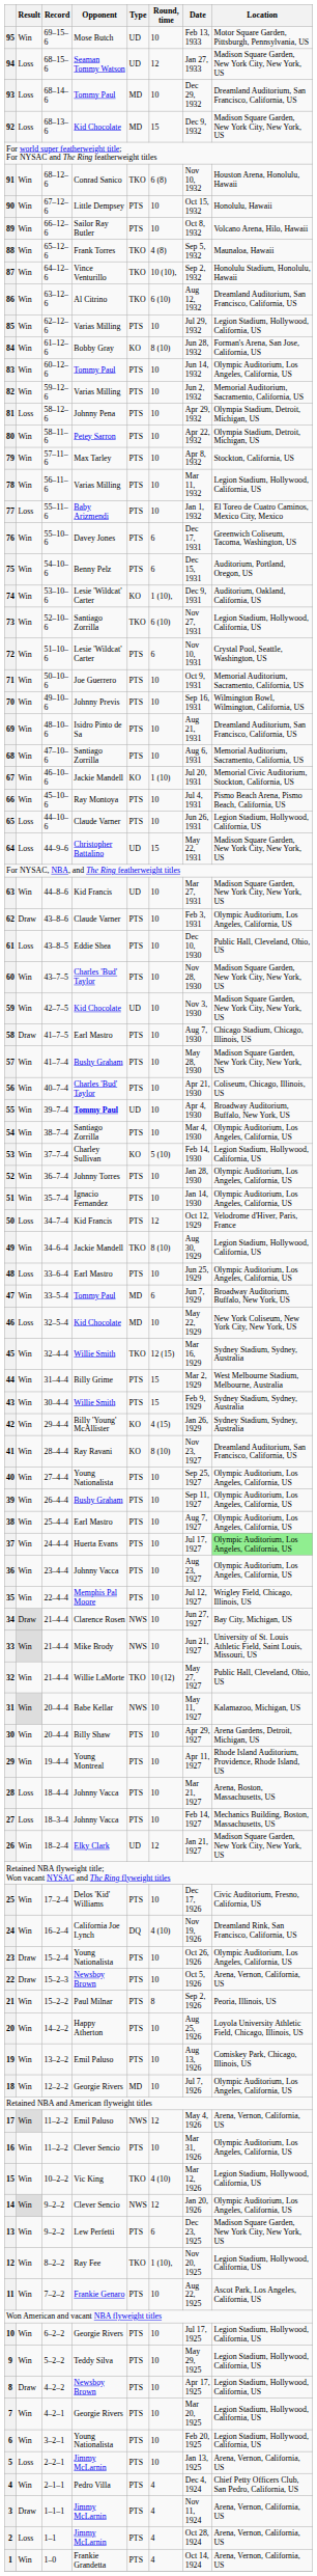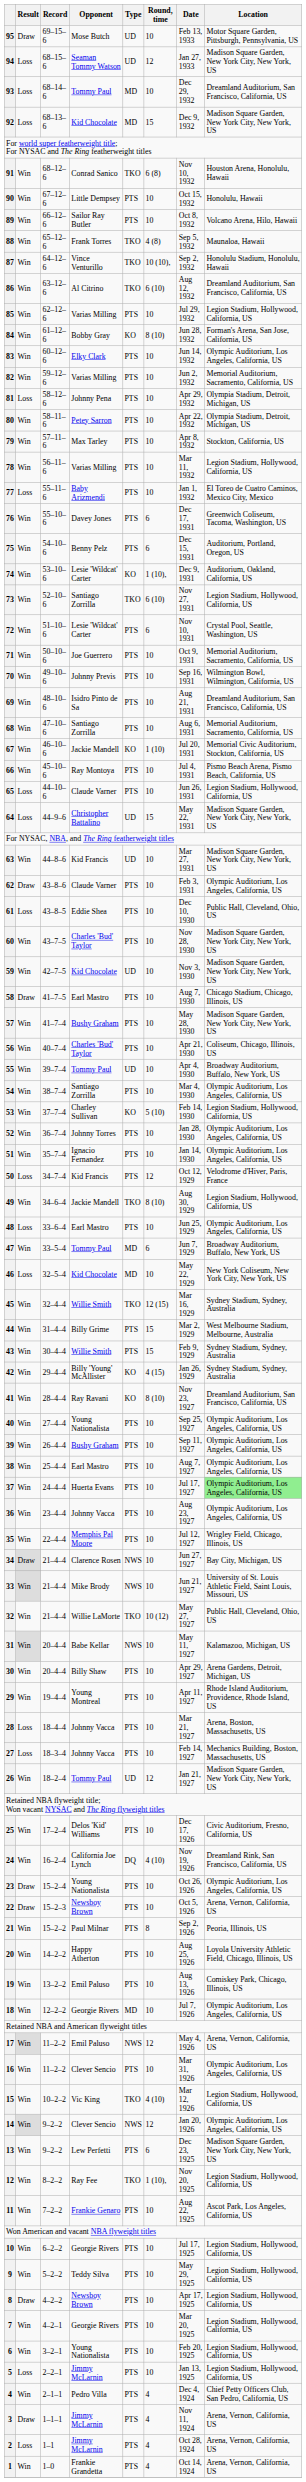 <table class="wikitable sortable mw-collapsible sticky-table-row1 sticky-table-col1 defaultcenter col4left col8left">
 <tr>
 <th scope="col"></th>
 <th scope="col">Result</th>
 <th scope="col">Record</th>
 <th scope="col">Opponent</th>
 <th scope="col">Type</th>
 <th scope="col">Round, time</th>
 <th scope="col">Date</th>
 <th scope="col" class="unsortable">Location</th>
 </tr>
 <tr>
 <th scope="row">95</th>
-<td>Win</td>
+<td>Draw</td>
 <td>69–15–6 </td>
 <td>Mose Butch</td>
 <td>UD</td>
 <td>10</td>
 <td>Feb 13, 1933</td>
 <td>Motor Square Garden, Pittsburgh, Pennsylvania, US</td>
 </tr>
 <tr>
 <th scope="row">94</th>
 <td>Loss</td>
 <td>68–15–6 </td>
 <td><a href='#'>Seaman Tommy Watson</a></td>
 <td>UD</td>
 <td>12</td>
 <td>Jan 27, 1933</td>
 <td>Madison Square Garden, New York City, New York, US</td>
 </tr>
 <tr>
 <th scope="row">93</th>
 <td>Loss</td>
 <td>68–14–6 </td>
 <td><a href='#'>Tommy Paul</a></td>
 <td>MD</td>
 <td>10</td>
 <td>Dec 29, 1932</td>
 <td>Dreamland Auditorium, San Francisco, California, US</td>
 </tr>
 <tr>
 <th scope="row">92</th>
 <td>Loss</td>
 <td>68–13–6 </td>
 <td><a href='#'>Kid Chocolate</a></td>
 <td>MD</td>
 <td>15</td>
 <td>Dec 9, 1932</td>
 <td>Madison Square Garden, New York City, New York, US</td>
 </tr>
 <tr class="expand-child">
 <td style="text-align:left;" colspan="8">For <a href='#'>world super featherweight title</a>;<br>For NYSAC and <em>The Ring</em> featherweight titles</td>
 </tr>
 <tr>
 <th scope="row">91</th>
 <td>Win</td>
 <td>68–12–6 </td>
 <td>Conrad Sanico</td>
 <td>TKO</td>
 <td>6 (8)</td>
 <td>Nov 10, 1932</td>
 <td>Houston Arena, Honolulu, Hawaii</td>
 </tr>
 <tr>
 <th scope="row">90</th>
 <td>Win</td>
 <td>67–12–6 </td>
 <td>Little Dempsey</td>
 <td>PTS</td>
 <td>10</td>
 <td>Oct 15, 1932</td>
 <td>Honolulu, Hawaii</td>
 </tr>
 <tr>
 <th scope="row">89</th>
 <td>Win</td>
 <td>66–12–6 </td>
 <td>Sailor Ray Butler</td>
 <td>PTS</td>
 <td>10</td>
 <td>Oct 8, 1932</td>
 <td>Volcano Arena, Hilo, Hawaii</td>
 </tr>
 <tr>
 <th scope="row">88</th>
 <td>Win</td>
 <td>65–12–6 </td>
 <td>Frank Torres</td>
 <td>TKO</td>
 <td>4 (8)</td>
 <td>Sep 5, 1932</td>
 <td>Maunaloa, Hawaii</td>
 </tr>
 <tr>
 <th scope="row">87</th>
 <td>Win</td>
 <td>64–12–6 </td>
 <td>Vince Venturillo</td>
 <td>TKO</td>
 <td>10 (10), </td>
 <td>Sep 2, 1932</td>
 <td>Honolulu Stadium, Honolulu, Hawaii</td>
 </tr>
 <tr>
 <th scope="row">86</th>
 <td>Win</td>
 <td>63–12–6 </td>
 <td>Al Citrino</td>
 <td>TKO</td>
 <td>6 (10)</td>
 <td>Aug 12, 1932</td>
 <td>Dreamland Auditorium, San Francisco, California, US</td>
 </tr>
 <tr>
 <th scope="row">85</th>
 <td>Win</td>
 <td>62–12–6 </td>
 <td>Varias Milling</td>
 <td>PTS</td>
 <td>10</td>
 <td>Jul 29, 1932</td>
 <td>Legion Stadium, Hollywood, California, US</td>
 </tr>
 <tr>
 <th scope="row">84</th>
 <td>Win</td>
 <td>61–12–6 </td>
 <td>Bobby Gray</td>
 <td>KO</td>
 <td>8 (10)</td>
 <td>Jun 28, 1932</td>
 <td>Forman's Arena, San Jose, California, US</td>
 </tr>
 <tr>
 <th scope="row">83</th>
 <td>Win</td>
 <td>60–12–6 </td>
-<td><a href='#'>Tommy Paul</a></td>
+<td><a href='#'>Elky Clark</a></td>
 <td>PTS</td>
 <td>10</td>
 <td>Jun 14, 1932</td>
 <td>Olympic Auditorium, Los Angeles, California, US</td>
 </tr>
 <tr>
 <th scope="row">82</th>
 <td>Win</td>
 <td>59–12–6 </td>
 <td>Varias Milling</td>
 <td>PTS</td>
 <td>10</td>
 <td>Jun 2, 1932</td>
 <td>Memorial Auditorium, Sacramento, California, US</td>
 </tr>
 <tr>
 <th scope="row">81</th>
 <td>Loss</td>
 <td>58–12–6 </td>
 <td>Johnny Pena</td>
 <td>PTS</td>
 <td>10</td>
 <td>Apr 29, 1932</td>
 <td>Olympia Stadium, Detroit, Michigan, US</td>
 </tr>
 <tr>
 <th scope="row">80</th>
 <td>Win</td>
 <td>58–11–6 </td>
 <td><a href='#'>Petey Sarron</a></td>
 <td>PTS</td>
 <td>10</td>
 <td>Apr 22, 1932</td>
 <td>Olympia Stadium, Detroit, Michigan, US</td>
 </tr>
 <tr>
 <th scope="row">79</th>
 <td>Win</td>
 <td>57–11–6 </td>
 <td>Max Tarley</td>
 <td>PTS</td>
 <td>10</td>
 <td>Apr 8, 1932</td>
 <td>Stockton, California, US</td>
 </tr>
 <tr>
 <th scope="row">78</th>
 <td>Win</td>
 <td>56–11–6 </td>
 <td>Varias Milling</td>
 <td>PTS</td>
 <td>10</td>
 <td>Mar 11, 1932</td>
 <td>Legion Stadium, Hollywood, California, US</td>
 </tr>
 <tr>
 <th scope="row">77</th>
 <td>Loss</td>
 <td>55–11–6 </td>
 <td><a href='#'>Baby Arizmendi</a></td>
 <td>PTS</td>
 <td>10</td>
 <td>Jan 1, 1932</td>
 <td>El Toreo de Cuatro Caminos, Mexico City, Mexico</td>
 </tr>
 <tr>
 <th scope="row">76</th>
 <td>Win</td>
 <td>55–10–6 </td>
 <td>Davey Jones</td>
 <td>PTS</td>
 <td>6</td>
 <td>Dec 17, 1931</td>
 <td>Greenwich Coliseum, Tacoma, Washington, US</td>
 </tr>
 <tr>
 <th scope="row">75</th>
 <td>Win</td>
 <td>54–10–6 </td>
 <td>Benny Pelz</td>
 <td>PTS</td>
 <td>6</td>
 <td>Dec 15, 1931</td>
 <td>Auditorium, Portland, Oregon, US</td>
 </tr>
 <tr>
 <th scope="row">74</th>
 <td>Win</td>
 <td>53–10–6 </td>
 <td>Lesie 'Wildcat' Carter</td>
 <td>KO</td>
 <td>1 (10), </td>
 <td>Dec 9, 1931</td>
 <td>Auditorium, Oakland, California, US</td>
 </tr>
 <tr>
 <th scope="row">73</th>
 <td>Win</td>
 <td>52–10–6 </td>
 <td>Santiago Zorrilla</td>
 <td>TKO</td>
 <td>6 (10)</td>
 <td>Nov 27, 1931</td>
 <td>Legion Stadium, Hollywood, California, US</td>
 </tr>
 <tr>
 <th scope="row">72</th>
 <td>Win</td>
 <td>51–10–6 </td>
 <td>Lesie 'Wildcat' Carter</td>
 <td>PTS</td>
 <td>6</td>
 <td>Nov 10, 1931</td>
 <td>Crystal Pool, Seattle, Washington, US</td>
 </tr>
 <tr>
 <th scope="row">71</th>
 <td>Win</td>
 <td>50–10–6 </td>
 <td align=left>Joe Guerrero</td>
 <td>PTS</td>
 <td>10</td>
 <td>Oct 9, 1931</td>
 <td>Memorial Auditorium, Sacramento, California, US</td>
 </tr>
 <tr>
 <th scope="row">70</th>
 <td>Win</td>
 <td>49–10–6 </td>
 <td>Johnny Previs</td>
 <td>PTS</td>
 <td>10</td>
 <td>Sep 16, 1931</td>
 <td>Wilmington Bowl, Wilmington, California, US</td>
 </tr>
 <tr>
 <th scope="row">69</th>
 <td>Win</td>
 <td>48–10–6 </td>
 <td>Isidro Pinto de Sa</td>
 <td>PTS</td>
 <td>10</td>
 <td>Aug 21, 1931</td>
 <td>Dreamland Auditorium, San Francisco, California, US</td>
 </tr>
 <tr>
 <th scope="row">68</th>
 <td>Win</td>
 <td>47–10–6 </td>
 <td>Santiago Zorrilla</td>
 <td>PTS</td>
 <td>10</td>
 <td>Aug 6, 1931</td>
 <td>Memorial Auditorium, Sacramento, California, US</td>
 </tr>
 <tr>
 <th scope="row">67</th>
 <td>Win</td>
 <td>46–10–6 </td>
 <td>Jackie Mandell</td>
 <td>KO</td>
 <td>1 (10)</td>
 <td>Jul 20, 1931</td>
 <td>Memorial Civic Auditorium, Stockton, California, US</td>
 </tr>
 <tr>
 <th scope="row">66</th>
 <td>Win</td>
 <td>45–10–6 </td>
 <td>Ray Montoya</td>
 <td>PTS</td>
 <td>10</td>
 <td>Jul 4, 1931</td>
 <td>Pismo Beach Arena, Pismo Beach, California, US</td>
 </tr>
 <tr>
 <th scope="row">65</th>
 <td>Loss</td>
 <td>44–10–6 </td>
 <td>Claude Varner</td>
 <td>PTS</td>
 <td>10</td>
 <td>Jun 26, 1931</td>
 <td>Legion Stadium, Hollywood, California, US</td>
 </tr>
 <tr>
 <th scope="row">64</th>
 <td>Loss</td>
 <td>44–9–6 </td>
 <td><a href='#'>Christopher Battalino</a></td>
 <td>UD</td>
 <td>15</td>
 <td>May 22, 1931</td>
 <td>Madison Square Garden, New York City, New York, US</td>
 </tr>
 <tr class="expand-child">
 <td style="text-align:left;" colspan="8">For NYSAC, <a href='#'>NBA</a>, and <a href='#'><em>The Ring</em> featherweight titles</a></td>
 </tr>
 <tr>
 <th scope="row">63</th>
 <td>Win</td>
 <td>44–8–6 </td>
 <td>Kid Francis</td>
 <td>UD</td>
 <td>10</td>
 <td>Mar 27, 1931</td>
 <td>Madison Square Garden, New York City, New York, US</td>
 </tr>
 <tr>
 <th scope="row">62</th>
 <td>Draw</td>
 <td>43–8–6 </td>
 <td>Claude Varner</td>
 <td>PTS</td>
 <td>10</td>
 <td>Feb 3, 1931</td>
 <td>Olympic Auditorium, Los Angeles, California, US</td>
 </tr>
 <tr>
 <th scope="row">61</th>
 <td>Loss</td>
 <td>43–8–5 </td>
 <td>Eddie Shea</td>
 <td>PTS</td>
 <td>10</td>
 <td>Dec 10, 1930</td>
 <td>Public Hall, Cleveland, Ohio, US</td>
 </tr>
 <tr>
 <th scope="row">60</th>
 <td>Win</td>
 <td>43–7–5 </td>
 <td><a href='#'>Charles 'Bud' Taylor</a></td>
 <td>PTS</td>
 <td>10</td>
 <td>Nov 28, 1930</td>
 <td>Madison Square Garden, New York City, New York, US</td>
 </tr>
 <tr>
 <th scope="row">59</th>
 <td>Win</td>
 <td>42–7–5 </td>
 <td><a href='#'>Kid Chocolate</a></td>
 <td>UD</td>
 <td>10</td>
 <td>Nov 3, 1930</td>
 <td>Madison Square Garden, New York City, New York, US</td>
 </tr>
 <tr>
 <th scope="row">58</th>
 <td>Draw</td>
 <td>41–7–5 </td>
 <td>Earl Mastro</td>
 <td>PTS</td>
 <td>10</td>
 <td>Aug 7, 1930</td>
 <td>Chicago Stadium, Chicago, Illinois, US</td>
 </tr>
 <tr>
 <th scope="row">57</th>
 <td>Win</td>
 <td>41–7–4 </td>
 <td><a href='#'>Bushy Graham</a></td>
 <td>PTS</td>
 <td>10</td>
 <td>May 28, 1930</td>
 <td>Madison Square Garden, New York City, New York, US</td>
 </tr>
 <tr>
 <th scope="row">56</th>
 <td>Win</td>
 <td>40–7–4 </td>
 <td><a href='#'>Charles 'Bud' Taylor</a></td>
 <td>PTS</td>
 <td>10</td>
 <td>Apr 21, 1930</td>
 <td>Coliseum, Chicago, Illinois, US</td>
 </tr>
 <tr>
 <th scope="row">55</th>
 <td>Win</td>
 <td>39–7–4 </td>
-<td><strong><a href='#'>Tommy Paul</a></strong></td>
+<td><a href='#'>Tommy Paul</a></td>
 <td>UD</td>
 <td>10</td>
 <td>Apr 4, 1930</td>
 <td>Broadway Auditorium, Buffalo, New York, US</td>
 </tr>
 <tr>
 <th scope="row">54</th>
 <td>Win</td>
 <td>38–7–4 </td>
 <td>Santiago Zorrilla</td>
 <td>PTS</td>
 <td>10</td>
 <td>Mar 4, 1930</td>
 <td>Olympic Auditorium, Los Angeles, California, US</td>
 </tr>
 <tr>
 <th scope="row">53</th>
 <td>Win</td>
 <td>37–7–4 </td>
 <td>Charley Sullivan</td>
 <td>KO</td>
 <td>5 (10)</td>
 <td>Feb 14, 1930</td>
 <td>Legion Stadium, Hollywood, California, US</td>
 </tr>
 <tr>
 <th scope="row">52</th>
 <td>Win</td>
 <td>36–7–4 </td>
 <td>Johnny Torres</td>
 <td>PTS</td>
 <td>10</td>
 <td>Jan 28, 1930</td>
 <td>Olympic Auditorium, Los Angeles, California, US</td>
 </tr>
 <tr>
 <th scope="row">51</th>
 <td>Win</td>
 <td>35–7–4 </td>
 <td>Ignacio Fernandez</td>
 <td>PTS</td>
 <td>10</td>
 <td>Jan 14, 1930</td>
 <td>Olympic Auditorium, Los Angeles, California, US</td>
 </tr>
 <tr>
 <th scope="row">50</th>
 <td>Loss</td>
 <td>34–7–4 </td>
 <td>Kid Francis</td>
 <td>PTS</td>
 <td>12</td>
 <td>Oct 12, 1929</td>
 <td>Velodrome d'Hiver, Paris, France</td>
 </tr>
 <tr>
 <th scope="row">49</th>
 <td>Win</td>
 <td>34–6–4 </td>
 <td>Jackie Mandell</td>
 <td>TKO</td>
 <td>8 (10)</td>
 <td>Aug 30, 1929</td>
 <td>Legion Stadium, Hollywood, California, US</td>
 </tr>
 <tr>
 <th scope="row">48</th>
 <td>Loss</td>
 <td>33–6–4 </td>
 <td>Earl Mastro</td>
 <td>PTS</td>
 <td>10</td>
 <td>Jun 25, 1929</td>
 <td>Olympic Auditorium, Los Angeles, California, US</td>
 </tr>
 <tr>
 <th scope="row">47</th>
 <td>Win</td>
 <td>33–5–4 </td>
 <td><a href='#'>Tommy Paul</a></td>
 <td>MD</td>
 <td>6</td>
 <td>Jun 7, 1929</td>
 <td>Broadway Auditorium, Buffalo, New York, US</td>
 </tr>
 <tr>
 <th scope="row">46</th>
 <td>Loss</td>
 <td>32–5–4 </td>
 <td><a href='#'>Kid Chocolate</a></td>
 <td>MD</td>
 <td>10</td>
 <td>May 22, 1929</td>
 <td>New York Coliseum, New York City, New York, US</td>
 </tr>
 <tr>
 <th scope="row">45</th>
 <td>Win</td>
 <td>32–4–4 </td>
 <td><a href='#'>Willie Smith</a></td>
 <td>TKO</td>
 <td>12 (15)</td>
 <td>Mar 16, 1929</td>
 <td>Sydney Stadium, Sydney, Australia</td>
 </tr>
 <tr>
 <th scope="row">44</th>
 <td>Win</td>
 <td>31–4–4 </td>
 <td>Billy Grime</td>
 <td>PTS</td>
 <td>15</td>
 <td>Mar 2, 1929</td>
 <td>West Melbourne Stadium, Melbourne, Australia</td>
 </tr>
 <tr>
 <th scope="row">43</th>
 <td>Win</td>
 <td>30–4–4 </td>
 <td><a href='#'>Willie Smith</a></td>
 <td>PTS</td>
 <td>15</td>
 <td>Feb 9, 1929</td>
 <td>Sydney Stadium, Sydney, Australia</td>
 </tr>
 <tr>
 <th scope="row">42</th>
 <td>Win</td>
 <td>29–4–4 </td>
 <td>Billy 'Young' McAllister</td>
 <td>KO</td>
 <td>4 (15)</td>
 <td>Jan 26, 1929</td>
 <td>Sydney Stadium, Sydney, Australia</td>
 </tr>
 <tr>
 <th scope="row">41</th>
 <td>Win</td>
 <td>28–4–4 </td>
 <td>Ray Ravani</td>
 <td>KO</td>
 <td>8 (10)</td>
 <td>Nov 23, 1927</td>
 <td>Dreamland Auditorium, San Francisco, California, US</td>
 </tr>
 <tr>
 <th scope="row">40</th>
 <td>Win</td>
 <td>27–4–4 </td>
 <td>Young Nationalista</td>
 <td>PTS</td>
 <td>10</td>
 <td>Sep 25, 1927</td>
 <td>Olympic Auditorium, Los Angeles, California, US</td>
 </tr>
 <tr>
 <th scope="row">39</th>
 <td>Win</td>
 <td>26–4–4 </td>
 <td><a href='#'>Bushy Graham</a></td>
 <td>PTS</td>
 <td>10</td>
 <td>Sep 11, 1927</td>
 <td>Olympic Auditorium, Los Angeles, California, US</td>
 </tr>
 <tr>
 <th scope="row">38</th>
 <td>Win</td>
 <td>25–4–4 </td>
 <td>Earl Mastro</td>
 <td>PTS</td>
 <td>10</td>
 <td>Aug 7, 1927</td>
 <td>Olympic Auditorium, Los Angeles, California, US</td>
 </tr>
 <tr>
 <th scope="row">37</th>
 <td>Win</td>
 <td>24–4–4 </td>
 <td>Huerta Evans</td>
 <td>PTS</td>
 <td>10</td>
 <td>Jul 17, 1927</td>
 <td style="background: lightgreen;">Olympic Auditorium, Los Angeles, California, US</td>
 </tr>
 <tr>
 <th scope="row">36</th>
 <td>Win</td>
 <td>23–4–4 </td>
 <td>Johnny Vacca</td>
 <td>PTS</td>
 <td>10</td>
 <td>Aug 23, 1927</td>
 <td>Olympic Auditorium, Los Angeles, California, US</td>
 </tr>
 <tr>
 <th scope="row">35</th>
 <td>Win</td>
 <td>22–4–4 </td>
 <td><a href='#'>Memphis Pal Moore</a></td>
 <td>PTS</td>
 <td>10</td>
 <td>Jul 12, 1927</td>
 <td>Wrigley Field, Chicago, Illinois, US</td>
 </tr>
 <tr>
 <th scope="row">34</th>
 <td style="background:#DDD">Draw</td>
 <td>21–4–4 </td>
 <td>Clarence Rosen</td>
 <td>NWS</td>
 <td>10</td>
 <td>Jun 27, 1927</td>
 <td>Bay City, Michigan, US</td>
 </tr>
 <tr>
 <th scope="row">33</th>
 <td style="background:#DDD">Win</td>
 <td>21–4–4 </td>
 <td>Mike Brody</td>
 <td>NWS</td>
 <td>10</td>
 <td>Jun 21, 1927</td>
 <td>University of St. Louis Athletic Field, Saint Louis, Missouri, US</td>
 </tr>
 <tr>
 <th scope="row">32</th>
 <td>Win</td>
 <td>21–4–4 </td>
 <td>Willie LaMorte</td>
 <td>TKO</td>
 <td>10 (12)</td>
 <td>May 27, 1927</td>
 <td>Public Hall, Cleveland, Ohio, US</td>
 </tr>
 <tr>
 <th scope="row">31</th>
 <td style="background:#DDD">Win</td>
 <td>20–4–4 </td>
 <td>Babe Kellar</td>
 <td>NWS</td>
 <td>10</td>
 <td>May 11, 1927</td>
 <td>Kalamazoo, Michigan, US</td>
 </tr>
 <tr>
 <th scope="row">30</th>
 <td>Win</td>
 <td>20–4–4 </td>
 <td>Billy Shaw</td>
 <td>PTS</td>
 <td>10</td>
 <td>Apr 29, 1927</td>
 <td>Arena Gardens, Detroit, Michigan, US</td>
 </tr>
 <tr>
 <th scope="row">29</th>
 <td>Win</td>
 <td>19–4–4 </td>
 <td>Young Montreal</td>
 <td>PTS</td>
 <td>10</td>
 <td>Apr 11, 1927</td>
 <td>Rhode Island Auditorium, Providence, Rhode Island, US</td>
 </tr>
 <tr>
 <th scope="row">28</th>
 <td>Loss</td>
 <td>18–4–4 </td>
 <td>Johnny Vacca</td>
 <td>PTS</td>
 <td>10</td>
 <td>Mar 21, 1927</td>
 <td>Arena, Boston, Massachusetts, US</td>
 </tr>
 <tr>
 <th scope="row">27</th>
 <td>Loss</td>
 <td>18–3–4 </td>
 <td>Johnny Vacca</td>
 <td>PTS</td>
 <td>10</td>
 <td>Feb 14, 1927</td>
 <td>Mechanics Building, Boston, Massachusetts, US</td>
 </tr>
 <tr>
 <th scope="row">26</th>
 <td>Win</td>
 <td>18–2–4 </td>
-<td><a href='#'>Elky Clark</a></td>
+<td><a href='#'>Tommy Paul</a></td>
 <td>UD</td>
 <td>12</td>
 <td>Jan 21, 1927</td>
 <td>Madison Square Garden, New York City, New York, US</td>
 </tr>
 <tr class="expand-child">
 <td style="text-align:left;" colspan="8">Retained NBA flyweight title;<br>Won vacant <a href='#'>NYSAC</a> and <a href='#'><em>The Ring</em> flyweight titles</a></td>
 </tr>
 <tr>
 <th scope="row">25</th>
 <td>Win</td>
 <td>17–2–4 </td>
 <td>Delos 'Kid' Williams</td>
 <td>PTS</td>
 <td>10</td>
 <td>Dec 17, 1926</td>
 <td>Civic Auditorium, Fresno, California, US</td>
 </tr>
 <tr>
 <th scope="row">24</th>
 <td>Win</td>
 <td>16–2–4 </td>
 <td>California Joe Lynch</td>
 <td>DQ</td>
 <td>4 (10)</td>
 <td>Nov 19, 1926</td>
 <td>Dreamland Rink, San Francisco, California, US</td>
 </tr>
 <tr>
 <th scope="row">23</th>
 <td>Draw</td>
 <td>15–2–4 </td>
 <td>Young Nationalista</td>
 <td>PTS</td>
 <td>10</td>
 <td>Oct 26, 1926</td>
 <td>Olympic Auditorium, Los Angeles, California, US</td>
 </tr>
 <tr>
 <th scope="row">22</th>
 <td>Draw</td>
 <td>15–2–3 </td>
 <td><a href='#'>Newsboy Brown</a></td>
 <td>PTS</td>
 <td>10</td>
 <td>Oct 5, 1926</td>
 <td>Arena, Vernon, California, US</td>
 </tr>
 <tr>
 <th scope="row">21</th>
 <td>Win</td>
 <td>15–2–2 </td>
 <td>Paul Milnar</td>
 <td>PTS</td>
 <td>8</td>
 <td>Sep 2, 1926</td>
 <td>Peoria, Illinois, US</td>
 </tr>
 <tr>
 <th scope="row">20</th>
 <td>Win</td>
 <td>14–2–2 </td>
 <td>Happy Atherton</td>
 <td>PTS</td>
 <td>10</td>
 <td>Aug 25, 1926</td>
 <td>Loyola University Athletic Field, Chicago, Illinois, US</td>
 </tr>
 <tr>
 <th scope="row">19</th>
 <td>Win</td>
 <td>13–2–2 </td>
 <td>Emil Paluso</td>
 <td>PTS</td>
 <td>10</td>
 <td>Aug 13, 1926</td>
 <td>Comiskey Park, Chicago, Illinois, US</td>
 </tr>
 <tr>
 <th scope="row">18</th>
 <td>Win</td>
 <td>12–2–2 </td>
 <td>Georgie Rivers</td>
 <td>MD</td>
 <td>10</td>
 <td>Jul 7, 1926</td>
 <td>Olympic Auditorium, Los Angeles, California, US</td>
 </tr>
 <tr class="expand-child">
 <td style="text-align:left;" colspan="8">Retained NBA and American flyweight titles</td>
 </tr>
 <tr>
 <th scope="row">17</th>
 <td style="background:#DDD">Win</td>
 <td>11–2–2 </td>
 <td>Emil Paluso</td>
 <td>NWS</td>
 <td>12</td>
 <td>May 4, 1926</td>
 <td>Arena, Vernon, California, US</td>
 </tr>
 <tr>
 <th scope="row">16</th>
 <td>Win</td>
 <td>11–2–2 </td>
 <td align=left>Clever Sencio</td>
 <td>PTS</td>
 <td>10</td>
 <td>Mar 31, 1926</td>
 <td>Olympic Auditorium, Los Angeles, California, US</td>
 </tr>
 <tr>
 <th scope="row">15</th>
 <td>Win</td>
 <td>10–2–2 </td>
 <td>Vic King</td>
 <td>TKO</td>
 <td>4 (10)</td>
 <td>Mar 12, 1926</td>
 <td>Legion Stadium, Hollywood, California, US</td>
 </tr>
 <tr>
 <th scope="row">14</th>
 <td style="background:#DDD">Win</td>
 <td>9–2–2 </td>
 <td>Clever Sencio</td>
 <td>NWS</td>
 <td>12</td>
 <td>Jan 20, 1926</td>
 <td>Olympic Auditorium, Los Angeles, California, US</td>
 </tr>
 <tr>
 <th scope="row">13</th>
 <td>Win</td>
 <td>9–2–2</td>
 <td>Lew Perfetti</td>
 <td>PTS</td>
 <td>6</td>
 <td>Dec 23, 1925</td>
 <td>Madison Square Garden, New York City, New York, US</td>
 </tr>
 <tr>
 <th scope="row">12</th>
 <td>Win</td>
 <td>8–2–2</td>
 <td>Ray Fee</td>
 <td>TKO</td>
 <td>1 (10), </td>
 <td>Nov 20, 1925</td>
 <td>Legion Stadium, Hollywood, California, US</td>
 </tr>
 <tr>
 <th scope="row">11</th>
 <td>Win</td>
 <td>7–2–2</td>
 <td><a href='#'>Frankie Genaro</a></td>
 <td>PTS</td>
 <td>10</td>
 <td>Aug 22, 1925</td>
 <td>Ascot Park, Los Angeles, California, US</td>
 </tr>
 <tr class="expand-child">
 <td style="text-align:left;" colspan="8">Won American and vacant <a href='#'>NBA flyweight titles</a></td>
 </tr>
 <tr>
 <th scope="row">10</th>
 <td>Win</td>
 <td>6–2–2</td>
 <td>Georgie Rivers</td>
 <td>PTS</td>
 <td>10</td>
 <td>Jul 17, 1925</td>
 <td>Legion Stadium, Hollywood, California, US</td>
 </tr>
 <tr>
 <th scope="row">9</th>
 <td>Win</td>
 <td>5–2–2</td>
 <td>Teddy Silva</td>
 <td>PTS</td>
 <td>10</td>
 <td>May 29, 1925</td>
 <td>Legion Stadium, Hollywood, California, US</td>
 </tr>
 <tr>
 <th scope="row">8</th>
 <td>Draw</td>
 <td>4–2–2</td>
 <td><a href='#'>Newsboy Brown</a></td>
 <td>PTS</td>
 <td>10</td>
 <td>Apr 17, 1925</td>
 <td>Legion Stadium, Hollywood, California, US</td>
 </tr>
 <tr>
 <th scope="row">7</th>
 <td>Win</td>
 <td>4–2–1</td>
 <td>Georgie Rivers</td>
 <td>PTS</td>
 <td>10</td>
 <td>Mar 20, 1925</td>
 <td>Legion Stadium, Hollywood, California, US</td>
 </tr>
 <tr>
 <th scope="row">6</th>
 <td>Win</td>
 <td>3–2–1</td>
 <td>Young Nationalista</td>
 <td>PTS</td>
 <td>10</td>
 <td>Feb 20, 1925</td>
 <td>Legion Stadium, Hollywood, California, US</td>
 </tr>
 <tr>
 <th scope="row">5</th>
 <td>Loss</td>
 <td>2–2–1</td>
 <td><a href='#'>Jimmy McLarnin</a></td>
 <td>PTS</td>
 <td>10</td>
 <td>Jan 13, 1925</td>
-<td>Arena, Vernon, California, US</td>
+<td>Legion Stadium, Hollywood, California, US</td>
 </tr>
 <tr>
 <th scope="row">4</th>
 <td>Win</td>
 <td>2–1–1</td>
 <td>Pedro Villa</td>
 <td>PTS</td>
 <td>4</td>
 <td>Dec 4, 1924</td>
 <td>Chief Petty Officers Club, San Pedro, California, US</td>
 </tr>
 <tr>
 <th scope="row">3</th>
 <td>Draw</td>
 <td>1–1–1</td>
 <td><a href='#'>Jimmy McLarnin</a></td>
 <td>PTS</td>
 <td>4</td>
 <td>Nov 11, 1924</td>
 <td>Arena, Vernon, California, US</td>
 </tr>
 <tr>
 <th scope="row">2</th>
 <td>Loss</td>
 <td>1–1</td>
 <td><a href='#'>Jimmy McLarnin</a></td>
 <td>PTS</td>
 <td>4</td>
 <td>Oct 28, 1924</td>
 <td>Arena, Vernon, California, US</td>
 </tr>
 <tr>
 <th scope="row">1</th>
 <td>Win</td>
 <td>1–0</td>
 <td>Frankie Grandetta</td>
 <td>PTS</td>
 <td>4</td>
 <td>Oct 14, 1924</td>
 <td>Arena, Vernon, California, US</td>
 </tr>
 <tr>
 </tr>
 </table>
